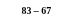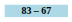 <table style="text-align:center">
 <tr>
 <th width=200></th>
 <th width=100></th>
 <th width=200></th>
 </tr>
 <tr>
 <td align=right><strong></strong></td>
-<td><strong>83 – 67</strong></td>
+<td style="background: lightblue;"><strong>83 – 67</strong></td>
 <td align=left></td>
 </tr>
 </table>
